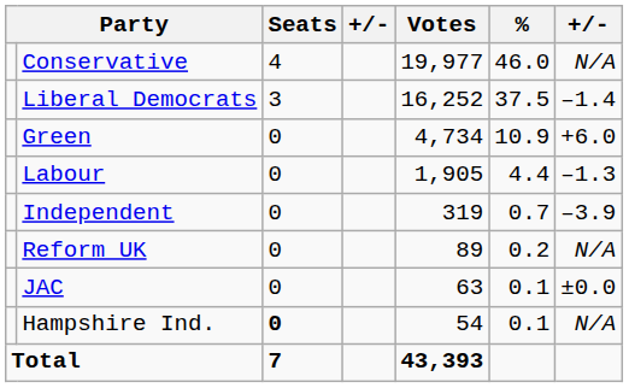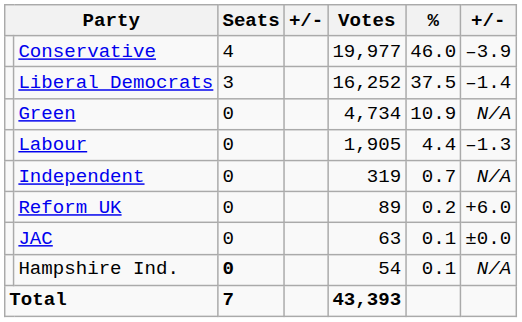 <table class="wikitable sortable">
 <tr>
 <th colspan="2">Party</th>
 <th>Seats</th>
 <th>+/-</th>
 <th>Votes</th>
 <th>%</th>
 <th>+/-</th>
 </tr>
 <tr>
 <td style="background-color: "></td>
 <td><a href='#'>Conservative</a></td>
 <td>4</td>
 <td></td>
 <td style="text-align:right;">19,977</td>
 <td style="text-align:right;">46.0</td>
-<td style="text-align:right;"><em>N/A</em></td>
+<td style="text-align:right;">–3.9</td>
 </tr>
 <tr>
 <td style="background-color: "></td>
 <td><a href='#'>Liberal Democrats</a></td>
 <td>3</td>
 <td></td>
 <td style="text-align:right;">16,252</td>
 <td style="text-align:right;">37.5</td>
 <td style="text-align:right;">–1.4</td>
 </tr>
 <tr>
 <td style="background-color: "></td>
 <td><a href='#'>Green</a></td>
 <td>0</td>
 <td></td>
 <td style="text-align:right;">4,734</td>
 <td style="text-align:right;">10.9</td>
-<td style="text-align:right;">+6.0</td>
+<td style="text-align:right;"><em>N/A</em></td>
 </tr>
 <tr>
 <td style="background-color: "></td>
 <td><a href='#'>Labour</a></td>
 <td>0</td>
 <td></td>
 <td style="text-align:right;">1,905</td>
 <td style="text-align:right;">4.4</td>
 <td style="text-align:right;">–1.3</td>
 </tr>
 <tr>
 <td style="background-color: "></td>
 <td><a href='#'>Independent</a></td>
 <td>0</td>
 <td></td>
 <td style="text-align:right;">319</td>
 <td style="text-align:right;">0.7</td>
-<td style="text-align:right;">–3.9</td>
+<td style="text-align:right;"><em>N/A</em></td>
 </tr>
 <tr>
 <td style="background-color: "></td>
 <td><a href='#'>Reform UK</a></td>
 <td>0</td>
 <td></td>
 <td style="text-align:right;">89</td>
 <td style="text-align:right;">0.2</td>
-<td style="text-align:right;"><em>N/A</em></td>
+<td style="text-align:right;">+6.0</td>
 </tr>
 <tr>
 <td style="background-color: "></td>
 <td><a href='#'>JAC</a></td>
 <td>0</td>
 <td></td>
 <td style="text-align:right;">63</td>
 <td style="text-align:right;">0.1</td>
 <td style="text-align:right;">±0.0</td>
 </tr>
 <tr>
 <td style="background-color: "></td>
 <td>Hampshire Ind.</td>
 <td><strong>0</strong></td>
 <td></td>
 <td style="text-align:right;">54</td>
 <td style="text-align:right;">0.1</td>
 <td style="text-align:right;"><em>N/A</em></td>
 </tr>
 <tr>
 <td colspan="2"><strong>Total</strong></td>
 <td><strong>7</strong></td>
 <td></td>
 <td style="text-align:right;"><strong>43,393</strong></td>
 <td style="text-align:right;"></td>
 <td style="text-align:right;"></td>
 </tr>
 </table>
